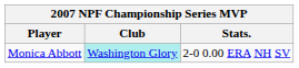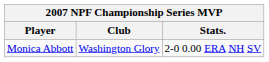 <table class="wikitable">
 <tr>
 <th colspan=3>2007 NPF Championship Series MVP</th>
 </tr>
 <tr>
 <th>Player</th>
 <th>Club</th>
 <th>Stats.</th>
 </tr>
 <tr>
 <td><a href='#'>Monica Abbott</a></td>
-<td style="background: paleturquoise;"><a href='#'>Washington Glory</a></td>
+<td><a href='#'>Washington Glory</a></td>
 <td>2-0 0.00 <a href='#'>ERA</a> <a href='#'>NH</a> <a href='#'>SV</a></td>
 </tr>
 </table>
